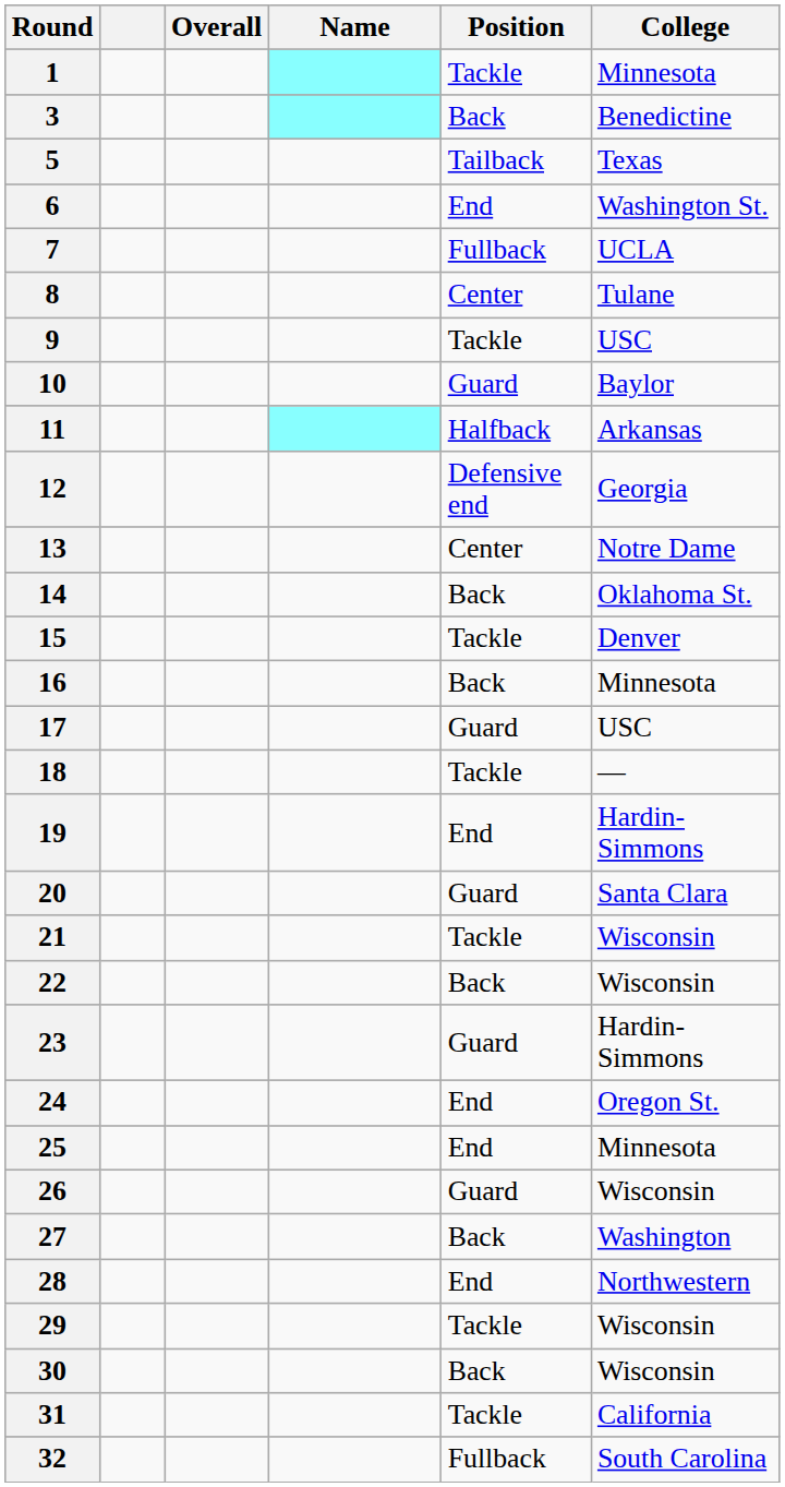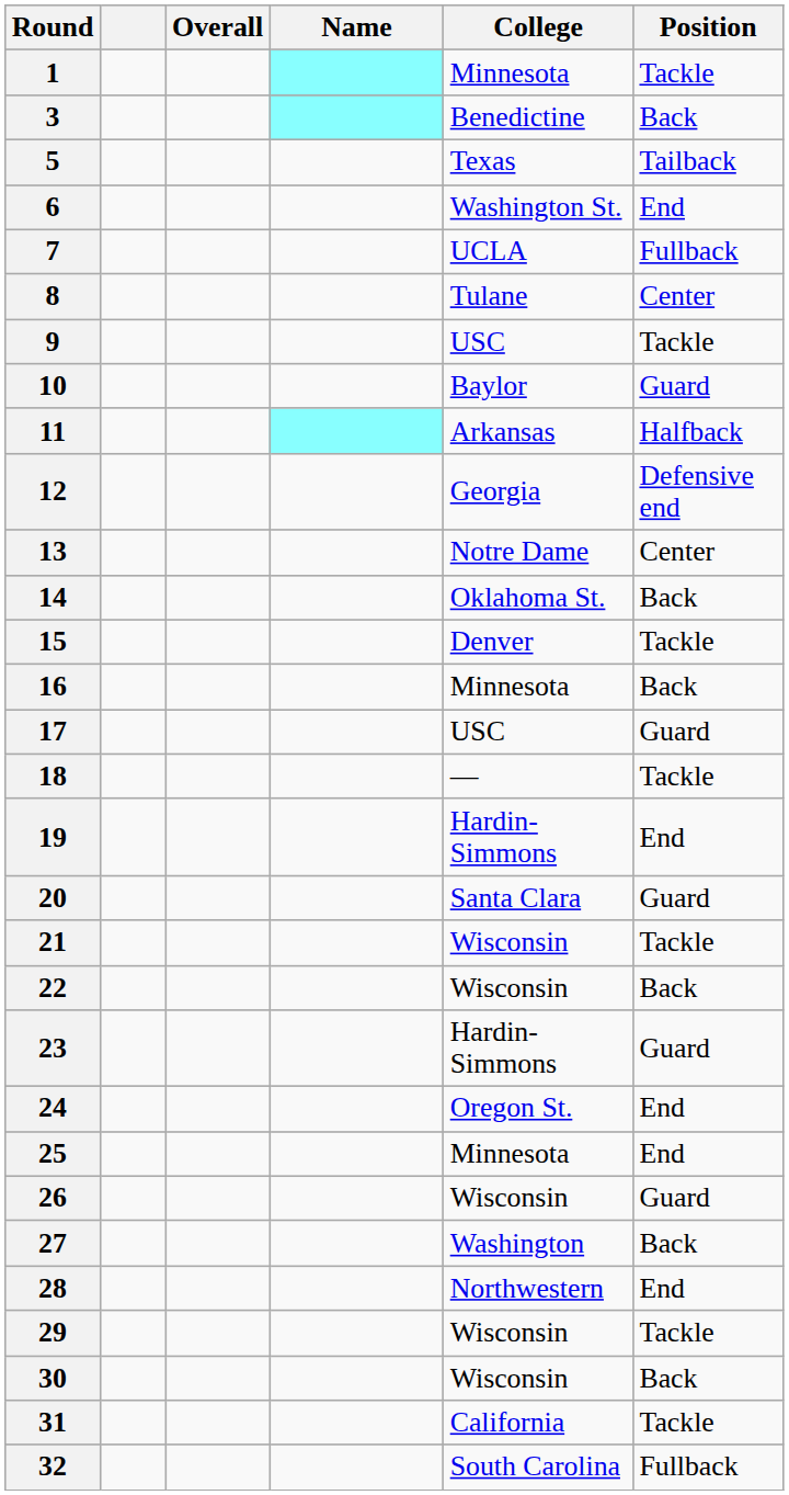 <table class="wikitable sortable" style="width: 50%;">
 <tr>
 <th scope="col" style="width: 10%;">Round</th>
 <th scope="col" style="width: 10%;"></th>
 <th scope="col" style="width: 10%;">Overall</th>
 <th scope="col" style="width: 25%;">Name</th>
+<th scope="col" style="width: 25%;">College</th>
 <th scope="col" style="width: 20%;">Position</th>
-<th scope="col" style="width: 25%;">College</th>
 </tr>
 <tr>
 <th scope="row">1</th>
 <td></td>
 <td></td>
 <td style="background:#88FFFF;"> <sup></sup></td>
+<td><a href='#'>Minnesota</a></td>
 <td><a href='#'>Tackle</a></td>
-<td><a href='#'>Minnesota</a></td>
 </tr>
 <tr>
 <th scope="row">3</th>
 <td></td>
 <td></td>
 <td style="background:#88FFFF;"> <sup></sup></td>
+<td><a href='#'>Benedictine</a></td>
 <td><a href='#'>Back</a></td>
-<td><a href='#'>Benedictine</a></td>
 </tr>
 <tr>
 <th scope="row">5</th>
 <td></td>
 <td></td>
 <td></td>
+<td><a href='#'>Texas</a></td>
 <td><a href='#'>Tailback</a></td>
-<td><a href='#'>Texas</a></td>
 </tr>
 <tr>
 <th scope="row">6</th>
 <td></td>
 <td></td>
 <td></td>
+<td><a href='#'>Washington St.</a></td>
 <td><a href='#'>End</a></td>
-<td><a href='#'>Washington St.</a></td>
 </tr>
 <tr>
 <th scope="row">7</th>
 <td></td>
 <td></td>
 <td></td>
+<td><a href='#'>UCLA</a></td>
 <td><a href='#'>Fullback</a></td>
-<td><a href='#'>UCLA</a></td>
 </tr>
 <tr>
 <th scope="row">8</th>
 <td></td>
 <td></td>
 <td></td>
+<td><a href='#'>Tulane</a></td>
 <td><a href='#'>Center</a></td>
-<td><a href='#'>Tulane</a></td>
 </tr>
 <tr>
 <th scope="row">9</th>
 <td></td>
 <td></td>
 <td></td>
+<td><a href='#'>USC</a></td>
 <td>Tackle</td>
-<td><a href='#'>USC</a></td>
 </tr>
 <tr>
 <th scope="row">10</th>
 <td></td>
 <td></td>
 <td></td>
+<td><a href='#'>Baylor</a></td>
 <td><a href='#'>Guard</a></td>
-<td><a href='#'>Baylor</a></td>
 </tr>
 <tr>
 <th scope="row">11</th>
 <td></td>
 <td></td>
 <td style="background:#88FFFF;"> <sup></sup></td>
+<td><a href='#'>Arkansas</a></td>
 <td><a href='#'>Halfback</a></td>
-<td><a href='#'>Arkansas</a></td>
 </tr>
 <tr>
 <th scope="row">12</th>
 <td></td>
 <td></td>
 <td></td>
+<td><a href='#'>Georgia</a></td>
 <td><a href='#'>Defensive end</a></td>
-<td><a href='#'>Georgia</a></td>
 </tr>
 <tr>
 <th scope="row">13</th>
 <td></td>
 <td></td>
 <td></td>
+<td><a href='#'>Notre Dame</a></td>
 <td>Center</td>
-<td><a href='#'>Notre Dame</a></td>
 </tr>
 <tr>
 <th scope="row">14</th>
 <td></td>
 <td></td>
 <td></td>
+<td><a href='#'>Oklahoma St.</a></td>
 <td>Back</td>
-<td><a href='#'>Oklahoma St.</a></td>
 </tr>
 <tr>
 <th scope="row">15</th>
 <td></td>
 <td></td>
 <td></td>
+<td><a href='#'>Denver</a></td>
 <td>Tackle</td>
-<td><a href='#'>Denver</a></td>
 </tr>
 <tr>
 <th scope="row">16</th>
 <td></td>
 <td></td>
 <td></td>
+<td>Minnesota</td>
 <td>Back</td>
-<td>Minnesota</td>
 </tr>
 <tr>
 <th scope="row">17</th>
 <td></td>
 <td></td>
 <td></td>
+<td>USC</td>
 <td>Guard</td>
-<td>USC</td>
 </tr>
 <tr>
 <th scope="row">18</th>
 <td></td>
 <td></td>
 <td></td>
+<td>—</td>
 <td>Tackle</td>
-<td>—</td>
 </tr>
 <tr>
 <th scope="row">19</th>
 <td></td>
 <td></td>
 <td></td>
+<td><a href='#'>Hardin-Simmons</a></td>
 <td>End</td>
-<td><a href='#'>Hardin-Simmons</a></td>
 </tr>
 <tr>
 <th scope="row">20</th>
 <td></td>
 <td></td>
 <td></td>
+<td><a href='#'>Santa Clara</a></td>
 <td>Guard</td>
-<td><a href='#'>Santa Clara</a></td>
 </tr>
 <tr>
 <th scope="row">21</th>
 <td></td>
 <td></td>
 <td></td>
+<td><a href='#'>Wisconsin</a></td>
 <td>Tackle</td>
-<td><a href='#'>Wisconsin</a></td>
 </tr>
 <tr>
 <th scope="row">22</th>
 <td></td>
 <td></td>
 <td></td>
+<td>Wisconsin</td>
 <td>Back</td>
-<td>Wisconsin</td>
 </tr>
 <tr>
 <th scope="row">23</th>
 <td></td>
 <td></td>
 <td></td>
+<td>Hardin-Simmons</td>
 <td>Guard</td>
-<td>Hardin-Simmons</td>
 </tr>
 <tr>
 <th scope="row">24</th>
 <td></td>
 <td></td>
 <td></td>
+<td><a href='#'>Oregon St.</a></td>
 <td>End</td>
-<td><a href='#'>Oregon St.</a></td>
 </tr>
 <tr>
 <th scope="row">25</th>
 <td></td>
 <td></td>
 <td></td>
+<td>Minnesota</td>
 <td>End</td>
-<td>Minnesota</td>
 </tr>
 <tr>
 <th scope="row">26</th>
 <td></td>
 <td></td>
 <td></td>
+<td>Wisconsin</td>
 <td>Guard</td>
-<td>Wisconsin</td>
 </tr>
 <tr>
 <th scope="row">27</th>
 <td></td>
 <td></td>
 <td></td>
+<td><a href='#'>Washington</a></td>
 <td>Back</td>
-<td><a href='#'>Washington</a></td>
 </tr>
 <tr>
 <th scope="row">28</th>
 <td></td>
 <td></td>
 <td></td>
+<td><a href='#'>Northwestern</a></td>
 <td>End</td>
-<td><a href='#'>Northwestern</a></td>
 </tr>
 <tr>
 <th scope="row">29</th>
 <td></td>
 <td></td>
 <td></td>
+<td>Wisconsin</td>
 <td>Tackle</td>
-<td>Wisconsin</td>
 </tr>
 <tr>
 <th scope="row">30</th>
 <td></td>
 <td></td>
 <td></td>
+<td>Wisconsin</td>
 <td>Back</td>
-<td>Wisconsin</td>
 </tr>
 <tr>
 <th scope="row">31</th>
 <td></td>
 <td></td>
 <td></td>
+<td><a href='#'>California</a></td>
 <td>Tackle</td>
-<td><a href='#'>California</a></td>
 </tr>
 <tr>
 <th scope="row">32</th>
 <td></td>
 <td></td>
 <td></td>
+<td><a href='#'>South Carolina</a></td>
 <td>Fullback</td>
-<td><a href='#'>South Carolina</a></td>
 </tr>
 </table>
